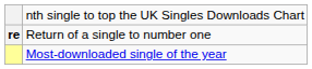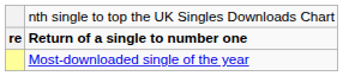 <table class="wikitable plainrowheaders" style="font-size:90%;">
 <tr>
 <th scope=col></th>
 <td>nth single to top the UK Singles Downloads Chart</td>
 </tr>
 <tr>
 <th scope=row style="text-align:center;">re</th>
-<td>Return of a single to number one</td>
+<td><strong>Return of a single to number one</strong></td>
 </tr>
 <tr>
 <td style="background:#ff9; text-align:center;"></td>
 <td><a href='#'>Most-downloaded single of the year</a><br></td>
 </tr>
 </table>
